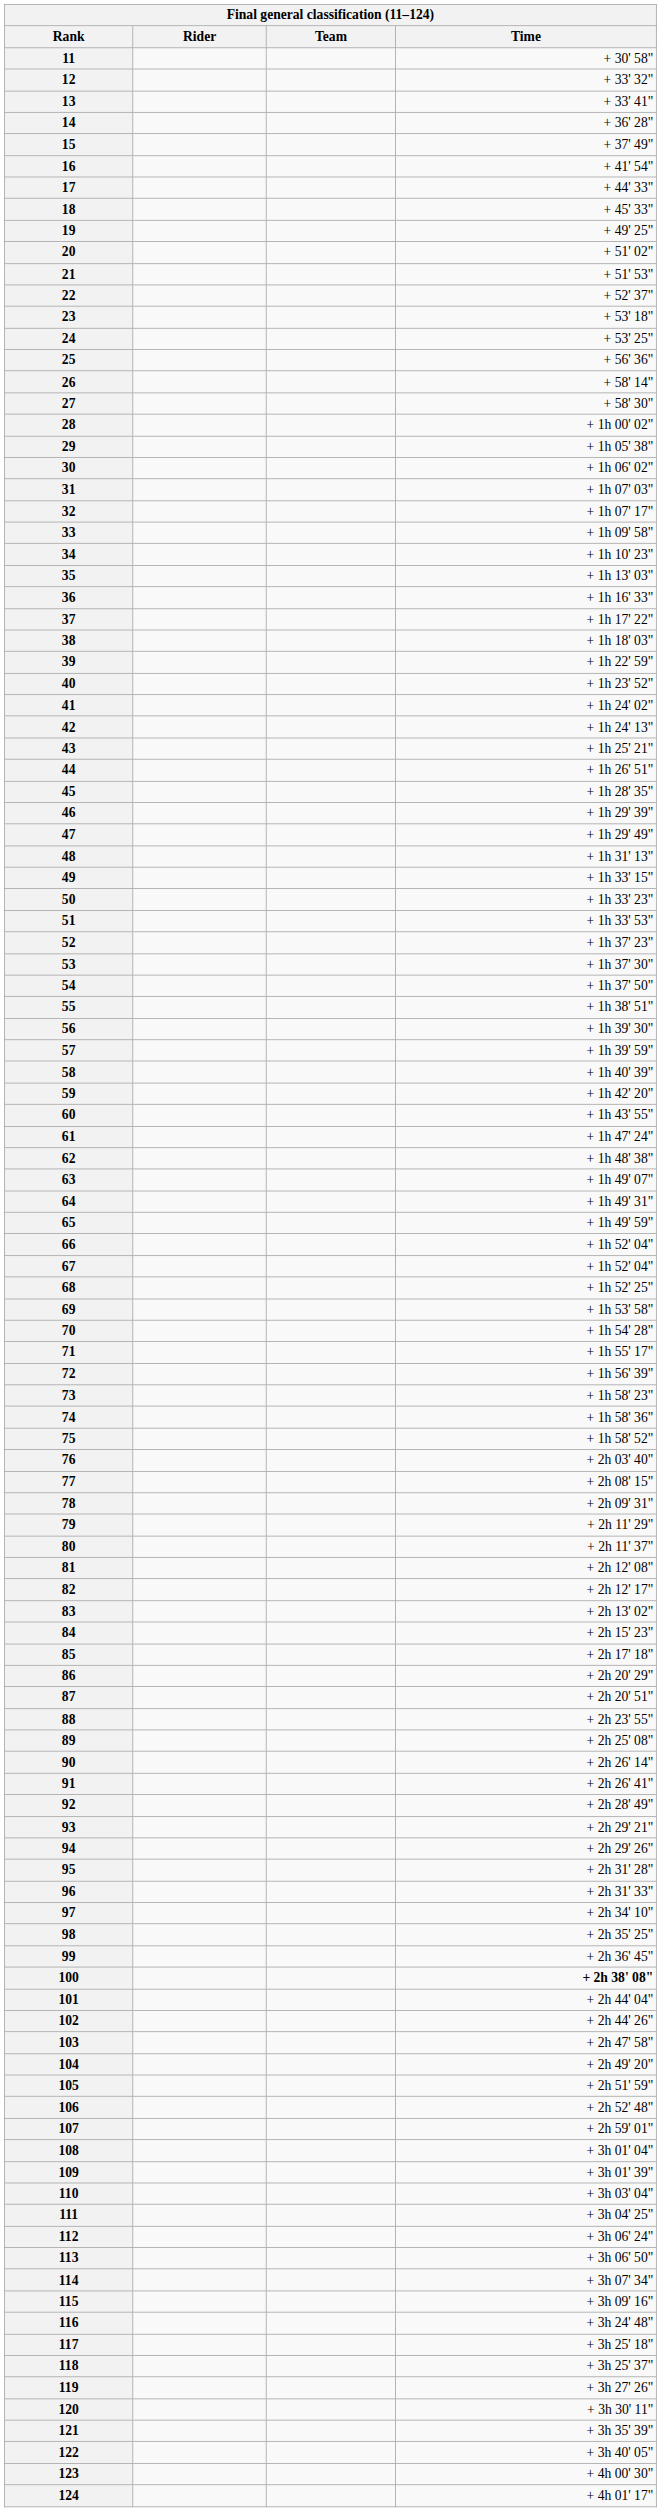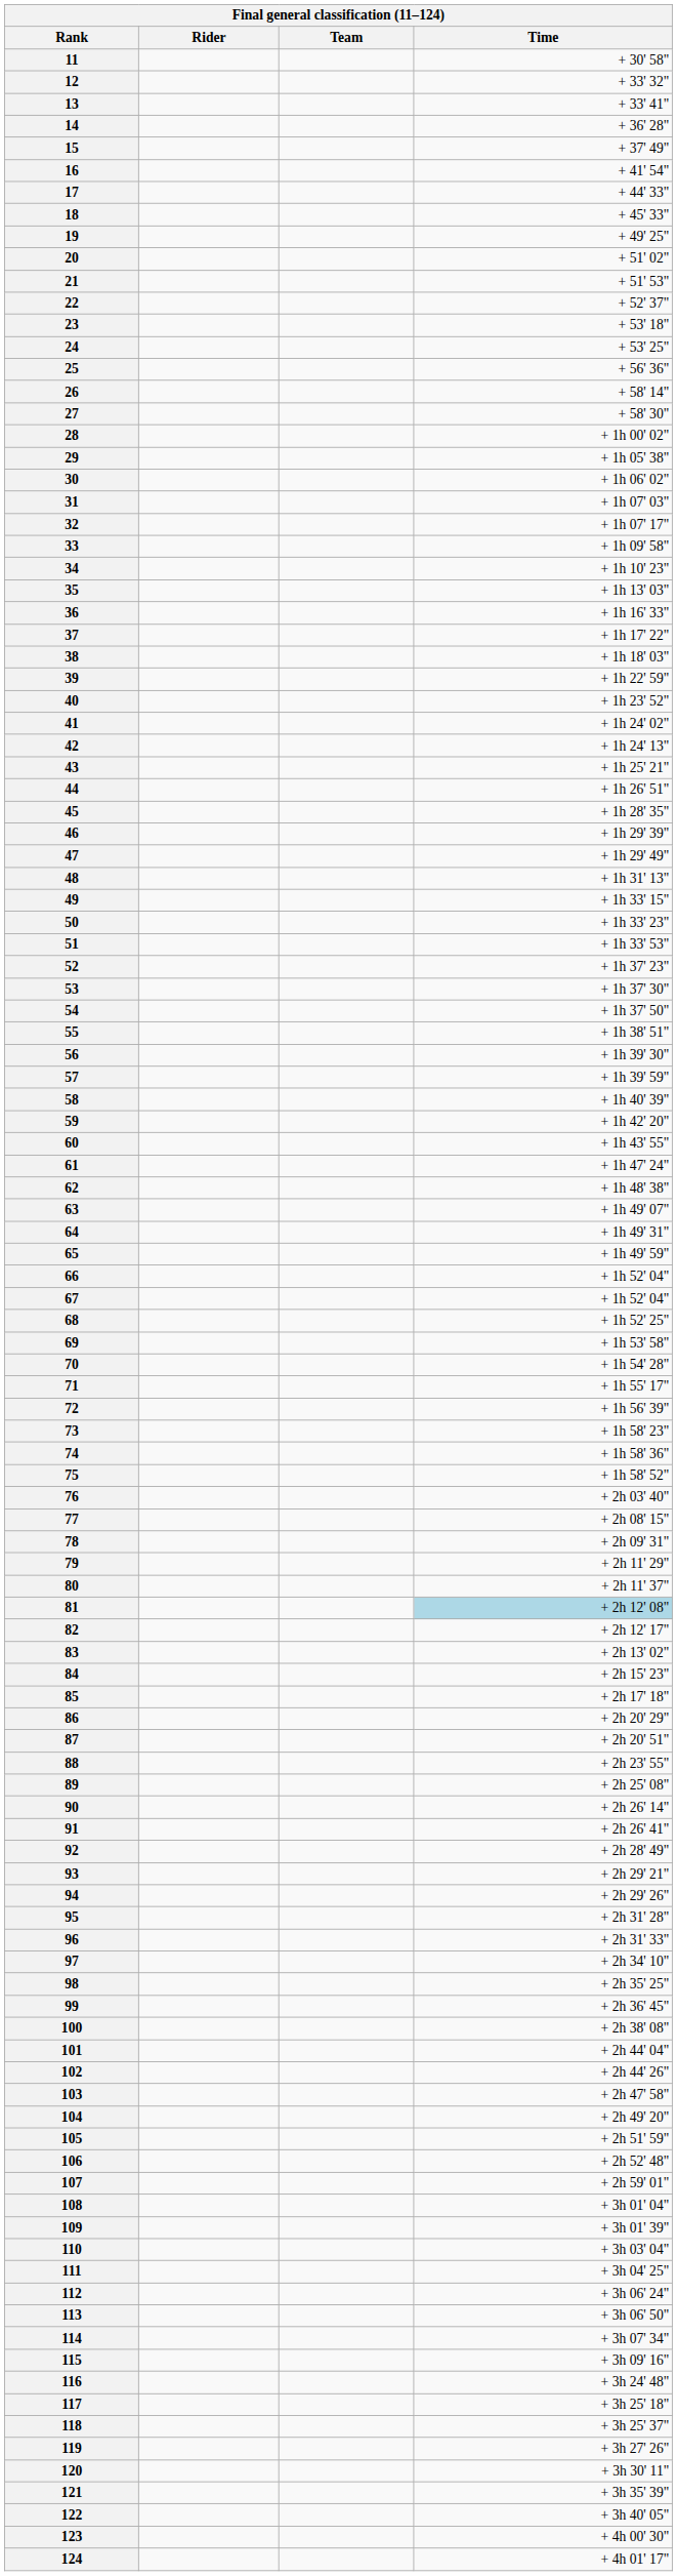 <table class="collapsible collapsed wikitable" style="width:48em;margin-top:-1px;">
 <tr>
 <th scope="col" colspan="4">Final general classification (11–124)</th>
 </tr>
 <tr>
 <th scope="col">Rank</th>
 <th scope="col">Rider</th>
 <th scope="col">Team</th>
 <th scope="col">Time</th>
 </tr>
 <tr |->
 <th scope="row">11</th>
 <td></td>
 <td></td>
 <td style="text-align:right;">+ 30' 58"</td>
 </tr>
 <tr>
 <th scope="row">12</th>
 <td></td>
 <td></td>
 <td style="text-align:right;">+ 33' 32"</td>
 </tr>
 <tr>
 <th scope="row">13</th>
 <td></td>
 <td></td>
 <td style="text-align:right;">+ 33' 41"</td>
 </tr>
 <tr>
 <th scope="row">14</th>
 <td></td>
 <td></td>
 <td style="text-align:right;">+ 36' 28"</td>
 </tr>
 <tr>
 <th scope="row">15</th>
 <td></td>
 <td></td>
 <td style="text-align:right;">+ 37' 49"</td>
 </tr>
 <tr>
 <th scope="row">16</th>
 <td></td>
 <td></td>
 <td style="text-align:right;">+ 41' 54"</td>
 </tr>
 <tr>
 <th scope="row">17</th>
 <td></td>
 <td></td>
 <td style="text-align:right;">+ 44' 33"</td>
 </tr>
 <tr>
 <th scope="row">18</th>
 <td></td>
 <td></td>
 <td style="text-align:right;">+ 45' 33"</td>
 </tr>
 <tr>
 <th scope="row">19</th>
 <td></td>
 <td></td>
 <td style="text-align:right;">+ 49' 25"</td>
 </tr>
 <tr>
 <th scope="row">20</th>
 <td></td>
 <td></td>
 <td style="text-align:right;">+ 51' 02"</td>
 </tr>
 <tr>
 <th scope="row">21</th>
 <td></td>
 <td></td>
 <td style="text-align:right;">+ 51' 53"</td>
 </tr>
 <tr>
 <th scope="row">22</th>
 <td></td>
 <td></td>
 <td style="text-align:right;">+ 52' 37"</td>
 </tr>
 <tr>
 <th scope="row">23</th>
 <td></td>
 <td></td>
 <td style="text-align:right;">+ 53' 18"</td>
 </tr>
 <tr>
 <th scope="row">24</th>
 <td></td>
 <td></td>
 <td style="text-align:right;">+ 53' 25"</td>
 </tr>
 <tr>
 <th scope="row">25</th>
 <td></td>
 <td></td>
 <td style="text-align:right;">+ 56' 36"</td>
 </tr>
 <tr>
 <th scope="row">26</th>
 <td></td>
 <td></td>
 <td style="text-align:right;">+ 58' 14"</td>
 </tr>
 <tr>
 <th scope="row">27</th>
 <td></td>
 <td></td>
 <td style="text-align:right;">+ 58' 30"</td>
 </tr>
 <tr>
 <th scope="row">28</th>
 <td></td>
 <td></td>
 <td style="text-align:right;">+ 1h 00' 02"</td>
 </tr>
 <tr>
 <th scope="row">29</th>
 <td></td>
 <td></td>
 <td style="text-align:right;">+ 1h 05' 38"</td>
 </tr>
 <tr>
 <th scope="row">30</th>
 <td></td>
 <td></td>
 <td style="text-align:right;">+ 1h 06' 02"</td>
 </tr>
 <tr>
 <th scope="row">31</th>
 <td></td>
 <td></td>
 <td style="text-align:right;">+ 1h 07' 03"</td>
 </tr>
 <tr>
 <th scope="row">32</th>
 <td></td>
 <td></td>
 <td style="text-align:right;">+ 1h 07' 17"</td>
 </tr>
 <tr>
 <th scope="row">33</th>
 <td></td>
 <td></td>
 <td style="text-align:right;">+ 1h 09' 58"</td>
 </tr>
 <tr>
 <th scope="row">34</th>
 <td></td>
 <td></td>
 <td style="text-align:right;">+ 1h 10' 23"</td>
 </tr>
 <tr>
 <th scope="row">35</th>
 <td></td>
 <td></td>
 <td style="text-align:right;">+ 1h 13' 03"</td>
 </tr>
 <tr>
 <th scope="row">36</th>
 <td></td>
 <td></td>
 <td style="text-align:right;">+ 1h 16' 33"</td>
 </tr>
 <tr>
 <th scope="row">37</th>
 <td></td>
 <td></td>
 <td style="text-align:right;">+ 1h 17' 22"</td>
 </tr>
 <tr>
 <th scope="row">38</th>
 <td></td>
 <td></td>
 <td style="text-align:right;">+ 1h 18' 03"</td>
 </tr>
 <tr>
 <th scope="row">39</th>
 <td></td>
 <td></td>
 <td style="text-align:right;">+ 1h 22' 59"</td>
 </tr>
 <tr>
 <th scope="row">40</th>
 <td></td>
 <td></td>
 <td style="text-align:right;">+ 1h 23' 52"</td>
 </tr>
 <tr>
 <th scope="row">41</th>
 <td></td>
 <td></td>
 <td style="text-align:right;">+ 1h 24' 02"</td>
 </tr>
 <tr>
 <th scope="row">42</th>
 <td></td>
 <td></td>
 <td style="text-align:right;">+ 1h 24' 13"</td>
 </tr>
 <tr>
 <th scope="row">43</th>
 <td></td>
 <td></td>
 <td style="text-align:right;">+ 1h 25' 21"</td>
 </tr>
 <tr>
 <th scope="row">44</th>
 <td></td>
 <td></td>
 <td style="text-align:right;">+ 1h 26' 51"</td>
 </tr>
 <tr>
 <th scope="row">45</th>
 <td></td>
 <td></td>
 <td style="text-align:right;">+ 1h 28' 35"</td>
 </tr>
 <tr>
 <th scope="row">46</th>
 <td></td>
 <td></td>
 <td style="text-align:right;">+ 1h 29' 39"</td>
 </tr>
 <tr>
 <th scope="row">47</th>
 <td></td>
 <td></td>
 <td style="text-align:right;">+ 1h 29' 49"</td>
 </tr>
 <tr>
 <th scope="row">48</th>
 <td></td>
 <td></td>
 <td style="text-align:right;">+ 1h 31' 13"</td>
 </tr>
 <tr>
 <th scope="row">49</th>
 <td></td>
 <td></td>
 <td style="text-align:right;">+ 1h 33' 15"</td>
 </tr>
 <tr>
 <th scope="row">50</th>
 <td></td>
 <td></td>
 <td style="text-align:right;">+ 1h 33' 23"</td>
 </tr>
 <tr>
 <th scope="row">51</th>
 <td></td>
 <td></td>
 <td style="text-align:right;">+ 1h 33' 53"</td>
 </tr>
 <tr>
 <th scope="row">52</th>
 <td></td>
 <td></td>
 <td style="text-align:right;">+ 1h 37' 23"</td>
 </tr>
 <tr>
 <th scope="row">53</th>
 <td></td>
 <td></td>
 <td style="text-align:right;">+ 1h 37' 30"</td>
 </tr>
 <tr>
 <th scope="row">54</th>
 <td></td>
 <td></td>
 <td style="text-align:right;">+ 1h 37' 50"</td>
 </tr>
 <tr>
 <th scope="row">55</th>
 <td></td>
 <td></td>
 <td style="text-align:right;">+ 1h 38' 51"</td>
 </tr>
 <tr>
 <th scope="row">56</th>
 <td></td>
 <td></td>
 <td style="text-align:right;">+ 1h 39' 30"</td>
 </tr>
 <tr>
 <th scope="row">57</th>
 <td></td>
 <td></td>
 <td style="text-align:right;">+ 1h 39' 59"</td>
 </tr>
 <tr>
 <th scope="row">58</th>
 <td></td>
 <td></td>
 <td style="text-align:right;">+ 1h 40' 39"</td>
 </tr>
 <tr>
 <th scope="row">59</th>
 <td></td>
 <td></td>
 <td style="text-align:right;">+ 1h 42' 20"</td>
 </tr>
 <tr>
 <th scope="row">60</th>
 <td></td>
 <td></td>
 <td style="text-align:right;">+ 1h 43' 55"</td>
 </tr>
 <tr>
 <th scope="row">61</th>
 <td></td>
 <td></td>
 <td style="text-align:right;">+ 1h 47' 24"</td>
 </tr>
 <tr>
 <th scope="row">62</th>
 <td></td>
 <td></td>
 <td style="text-align:right;">+ 1h 48' 38"</td>
 </tr>
 <tr>
 <th scope="row">63</th>
 <td></td>
 <td></td>
 <td style="text-align:right;">+ 1h 49' 07"</td>
 </tr>
 <tr>
 <th scope="row">64</th>
 <td></td>
 <td></td>
 <td style="text-align:right;">+ 1h 49' 31"</td>
 </tr>
 <tr>
 <th scope="row">65</th>
 <td></td>
 <td></td>
 <td style="text-align:right;">+ 1h 49' 59"</td>
 </tr>
 <tr>
 <th scope="row">66</th>
 <td></td>
 <td></td>
 <td style="text-align:right;">+ 1h 52' 04"</td>
 </tr>
 <tr>
 <th scope="row">67</th>
 <td></td>
 <td></td>
 <td style="text-align:right;">+ 1h 52' 04"</td>
 </tr>
 <tr>
 <th scope="row">68</th>
 <td></td>
 <td></td>
 <td style="text-align:right;">+ 1h 52' 25"</td>
 </tr>
 <tr>
 <th scope="row">69</th>
 <td></td>
 <td></td>
 <td style="text-align:right;">+ 1h 53' 58"</td>
 </tr>
 <tr>
 <th scope="row">70</th>
 <td></td>
 <td></td>
 <td style="text-align:right;">+ 1h 54' 28"</td>
 </tr>
 <tr>
 <th scope="row">71</th>
 <td></td>
 <td></td>
 <td style="text-align:right;">+ 1h 55' 17"</td>
 </tr>
 <tr>
 <th scope="row">72</th>
 <td></td>
 <td></td>
 <td style="text-align:right;">+ 1h 56' 39"</td>
 </tr>
 <tr>
 <th scope="row">73</th>
 <td></td>
 <td></td>
 <td style="text-align:right;">+ 1h 58' 23"</td>
 </tr>
 <tr>
 <th scope="row">74</th>
 <td></td>
 <td></td>
 <td style="text-align:right;">+ 1h 58' 36"</td>
 </tr>
 <tr>
 <th scope="row">75</th>
 <td></td>
 <td></td>
 <td style="text-align:right;">+ 1h 58' 52"</td>
 </tr>
 <tr>
 <th scope="row">76</th>
 <td></td>
 <td></td>
 <td style="text-align:right;">+ 2h 03' 40"</td>
 </tr>
 <tr>
 <th scope="row">77</th>
 <td></td>
 <td></td>
 <td style="text-align:right;">+ 2h 08' 15"</td>
 </tr>
 <tr>
 <th scope="row">78</th>
 <td></td>
 <td></td>
 <td style="text-align:right;">+ 2h 09' 31"</td>
 </tr>
 <tr>
 <th scope="row">79</th>
 <td></td>
 <td></td>
 <td style="text-align:right;">+ 2h 11' 29"</td>
 </tr>
 <tr>
 <th scope="row">80</th>
 <td></td>
 <td></td>
 <td style="text-align:right;">+ 2h 11' 37"</td>
 </tr>
 <tr>
 <th scope="row">81</th>
 <td></td>
 <td></td>
-<td style="text-align:right;">+ 2h 12' 08"</td>
+<td style="background: lightblue; text-align:right;">+ 2h 12' 08"</td>
 </tr>
 <tr>
 <th scope="row">82</th>
 <td></td>
 <td></td>
 <td style="text-align:right;">+ 2h 12' 17"</td>
 </tr>
 <tr>
 <th scope="row">83</th>
 <td></td>
 <td></td>
 <td style="text-align:right;">+ 2h 13' 02"</td>
 </tr>
 <tr>
 <th scope="row">84</th>
 <td></td>
 <td></td>
 <td style="text-align:right;">+ 2h 15' 23"</td>
 </tr>
 <tr>
 <th scope="row">85</th>
 <td></td>
 <td></td>
 <td style="text-align:right;">+ 2h 17' 18"</td>
 </tr>
 <tr>
 <th scope="row">86</th>
 <td></td>
 <td></td>
 <td style="text-align:right;">+ 2h 20' 29"</td>
 </tr>
 <tr>
 <th scope="row">87</th>
 <td></td>
 <td></td>
 <td style="text-align:right;">+ 2h 20' 51"</td>
 </tr>
 <tr>
 <th scope="row">88</th>
 <td></td>
 <td></td>
 <td style="text-align:right;">+ 2h 23' 55"</td>
 </tr>
 <tr>
 <th scope="row">89</th>
 <td></td>
 <td></td>
 <td style="text-align:right;">+ 2h 25' 08"</td>
 </tr>
 <tr>
 <th scope="row">90</th>
 <td></td>
 <td></td>
 <td style="text-align:right;">+ 2h 26' 14"</td>
 </tr>
 <tr>
 <th scope="row">91</th>
 <td></td>
 <td></td>
 <td style="text-align:right;">+ 2h 26' 41"</td>
 </tr>
 <tr>
 <th scope="row">92</th>
 <td></td>
 <td></td>
 <td style="text-align:right;">+ 2h 28' 49"</td>
 </tr>
 <tr>
 <th scope="row">93</th>
 <td></td>
 <td></td>
 <td style="text-align:right;">+ 2h 29' 21"</td>
 </tr>
 <tr>
 <th scope="row">94</th>
 <td></td>
 <td></td>
 <td style="text-align:right;">+ 2h 29' 26"</td>
 </tr>
 <tr>
 <th scope="row">95</th>
 <td></td>
 <td></td>
 <td style="text-align:right;">+ 2h 31' 28"</td>
 </tr>
 <tr>
 <th scope="row">96</th>
 <td></td>
 <td></td>
 <td style="text-align:right;">+ 2h 31' 33"</td>
 </tr>
 <tr>
 <th scope="row">97</th>
 <td></td>
 <td></td>
 <td style="text-align:right;">+ 2h 34' 10"</td>
 </tr>
 <tr>
 <th scope="row">98</th>
 <td></td>
 <td></td>
 <td style="text-align:right;">+ 2h 35' 25"</td>
 </tr>
 <tr>
 <th scope="row">99</th>
 <td></td>
 <td></td>
 <td style="text-align:right;">+ 2h 36' 45"</td>
 </tr>
 <tr>
 <th scope="row">100</th>
 <td></td>
 <td></td>
-<td style="text-align:right;"><strong>+ 2h 38' 08"</strong></td>
+<td style="text-align:right;">+ 2h 38' 08"</td>
 </tr>
 <tr>
 <th scope="row">101</th>
 <td> </td>
 <td></td>
 <td style="text-align:right;">+ 2h 44' 04"</td>
 </tr>
 <tr>
 <th scope="row">102</th>
 <td></td>
 <td></td>
 <td style="text-align:right;">+ 2h 44' 26"</td>
 </tr>
 <tr>
 <th scope="row">103</th>
 <td></td>
 <td></td>
 <td style="text-align:right;">+ 2h 47' 58"</td>
 </tr>
 <tr>
 <th scope="row">104</th>
 <td></td>
 <td></td>
 <td style="text-align:right;">+ 2h 49' 20"</td>
 </tr>
 <tr>
 <th scope="row">105</th>
 <td></td>
 <td></td>
 <td style="text-align:right;">+ 2h 51' 59"</td>
 </tr>
 <tr>
 <th scope="row">106</th>
 <td></td>
 <td></td>
 <td style="text-align:right;">+ 2h 52' 48"</td>
 </tr>
 <tr>
 <th scope="row">107</th>
 <td></td>
 <td></td>
 <td style="text-align:right;">+ 2h 59' 01"</td>
 </tr>
 <tr>
 <th scope="row">108</th>
 <td></td>
 <td></td>
 <td style="text-align:right;">+ 3h 01' 04"</td>
 </tr>
 <tr>
 <th scope="row">109</th>
 <td></td>
 <td></td>
 <td style="text-align:right;">+ 3h 01' 39"</td>
 </tr>
 <tr>
 <th scope="row">110</th>
 <td></td>
 <td></td>
 <td style="text-align:right;">+ 3h 03' 04"</td>
 </tr>
 <tr>
 <th scope="row">111</th>
 <td></td>
 <td></td>
 <td style="text-align:right;">+ 3h 04' 25"</td>
 </tr>
 <tr>
 <th scope="row">112</th>
 <td></td>
 <td></td>
 <td style="text-align:right;">+ 3h 06' 24"</td>
 </tr>
 <tr>
 <th scope="row">113</th>
 <td></td>
 <td></td>
 <td style="text-align:right;">+ 3h 06' 50"</td>
 </tr>
 <tr>
 <th scope="row">114</th>
 <td></td>
 <td></td>
 <td style="text-align:right;">+ 3h 07' 34"</td>
 </tr>
 <tr>
 <th scope="row">115</th>
 <td></td>
 <td></td>
 <td style="text-align:right;">+ 3h 09' 16"</td>
 </tr>
 <tr>
 <th scope="row">116</th>
 <td></td>
 <td></td>
 <td style="text-align:right;">+ 3h 24' 48"</td>
 </tr>
 <tr>
 <th scope="row">117</th>
 <td></td>
 <td></td>
 <td style="text-align:right;">+ 3h 25' 18"</td>
 </tr>
 <tr>
 <th scope="row">118</th>
 <td></td>
 <td></td>
 <td style="text-align:right;">+ 3h 25' 37"</td>
 </tr>
 <tr>
 <th scope="row">119</th>
 <td></td>
 <td></td>
 <td style="text-align:right;">+ 3h 27' 26"</td>
 </tr>
 <tr>
 <th scope="row">120</th>
 <td></td>
 <td></td>
 <td style="text-align:right;">+ 3h 30' 11"</td>
 </tr>
 <tr>
 <th scope="row">121</th>
 <td></td>
 <td></td>
 <td style="text-align:right;">+ 3h 35' 39"</td>
 </tr>
 <tr>
 <th scope="row">122</th>
 <td></td>
 <td></td>
 <td style="text-align:right;">+ 3h 40' 05"</td>
 </tr>
 <tr>
 <th scope="row">123</th>
 <td></td>
 <td></td>
 <td style="text-align:right;">+ 4h 00' 30"</td>
 </tr>
 <tr>
 <th scope="row">124</th>
 <td></td>
 <td></td>
 <td style="text-align:right;">+ 4h 01' 17"</td>
 </tr>
 </table>
